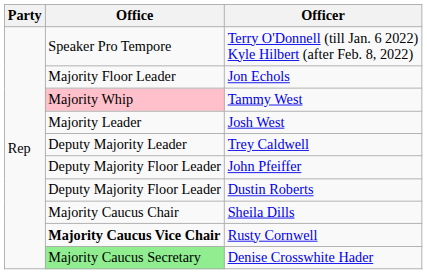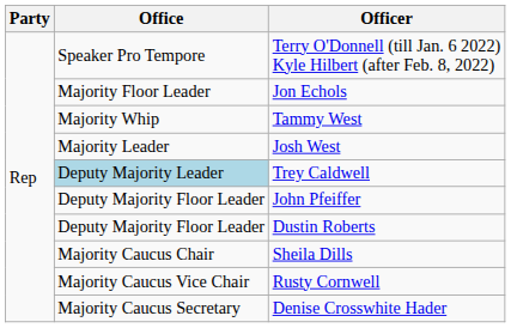 <table class=wikitable>
 <tr>
 <th>Party</th>
 <th>Office</th>
 <th>Officer</th>
 </tr>
 <tr>
 <td rowspan=13 style="background: ">Rep</td>
 <td>Speaker Pro Tempore</td>
 <td><a href='#'>Terry O'Donnell</a> (till Jan. 6 2022)<br> <a href='#'>Kyle Hilbert</a> (after Feb. 8, 2022)</td>
 </tr>
 <tr>
 <td>Majority Floor Leader</td>
 <td><a href='#'>Jon Echols</a></td>
 </tr>
 <tr>
-<td style="background: pink;">Majority Whip</td>
+<td>Majority Whip</td>
 <td><a href='#'>Tammy West</a></td>
 </tr>
 <tr>
 <td>Majority Leader</td>
 <td><a href='#'>Josh West</a></td>
 </tr>
 <tr>
-<td>Deputy Majority Leader</td>
+<td style="background: lightblue;">Deputy Majority Leader</td>
 <td><a href='#'>Trey Caldwell</a></td>
 </tr>
 <tr>
 <td>Deputy Majority Floor Leader</td>
 <td><a href='#'>John Pfeiffer</a></td>
 </tr>
 <tr>
 <td>Deputy Majority Floor Leader</td>
 <td><a href='#'>Dustin Roberts</a></td>
 </tr>
 <tr>
 <td>Majority Caucus Chair</td>
 <td><a href='#'>Sheila Dills</a></td>
 </tr>
 <tr>
-<td><strong>Majority Caucus Vice Chair</strong></td>
+<td>Majority Caucus Vice Chair</td>
 <td><a href='#'>Rusty Cornwell</a></td>
 </tr>
 <tr>
-<td style="background: lightgreen;">Majority Caucus Secretary</td>
+<td>Majority Caucus Secretary</td>
 <td><a href='#'>Denise Crosswhite Hader</a></td>
 </tr>
 </table>
